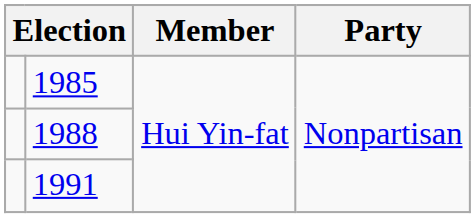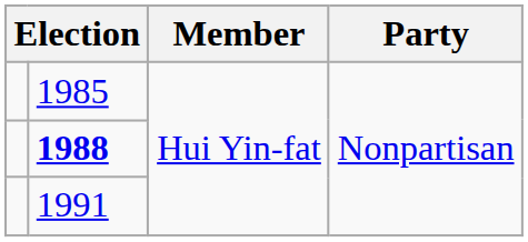 <table class="wikitable">
 <tr>
 <th colspan="2">Election</th>
 <th>Member</th>
 <th>Party</th>
 </tr>
 <tr>
 <td style="background-color: "></td>
 <td><a href='#'>1985</a></td>
 <td rowspan=3><a href='#'>Hui Yin-fat</a></td>
 <td rowspan=3><a href='#'>Nonpartisan</a></td>
 </tr>
 <tr>
 <td style="background-color: "></td>
-<td><a href='#'>1988</a></td>
+<td><strong><a href='#'>1988</a></strong></td>
 </tr>
 <tr>
 <td style="background-color: "></td>
 <td><a href='#'>1991</a></td>
 </tr>
 </table>
